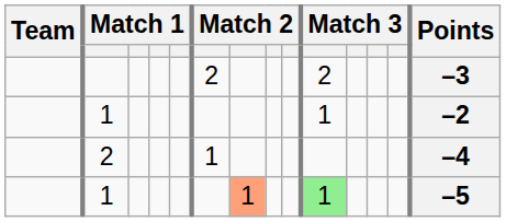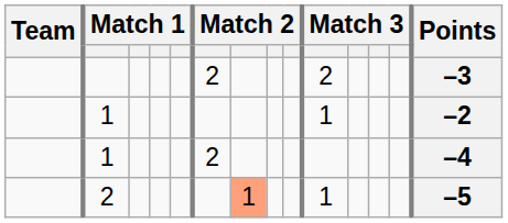 <table class="wikitable sortable" style="text-align:center;">
 <tr>
 <th rowspan=2>Team</th>
 <th colspan=4 style="border-left:3px solid gray">Match 1</th>
 <th colspan=4 style="border-left:3px solid gray">Match 2</th>
 <th colspan=4 style="border-left:3px solid gray">Match 3</th>
 <th rowspan=2 style="border-left:3px solid gray">Points</th>
 </tr>
 <tr>
 <th style="border-left:3px solid gray"></th>
 <th></th>
 <th></th>
 <th></th>
 <th style="border-left:3px solid gray"></th>
 <th></th>
 <th></th>
 <th></th>
 <th style="border-left:3px solid gray"></th>
 <th></th>
 <th></th>
 <th></th>
 </tr>
 <tr>
 <td align=left></td>
 <td style="border-left:3px solid gray"></td>
 <td></td>
 <td></td>
 <td></td>
 <td style="border-left:3px solid gray">2</td>
 <td></td>
 <td></td>
 <td></td>
 <td style="border-left:3px solid gray">2</td>
 <td></td>
 <td></td>
 <td></td>
 <th style="border-left:3px solid gray">–3</th>
 </tr>
 <tr>
 <td align=left></td>
 <td style="border-left:3px solid gray">1</td>
 <td></td>
 <td></td>
 <td></td>
 <td style="border-left:3px solid gray"></td>
 <td></td>
 <td></td>
 <td></td>
 <td style="border-left:3px solid gray">1</td>
 <td></td>
 <td></td>
 <td></td>
 <th style="border-left:3px solid gray">–2</th>
 </tr>
 <tr>
 <td align=left></td>
-<td style="border-left:3px solid gray">2</td>
+<td style="border-left:3px solid gray">1</td>
 <td></td>
 <td></td>
 <td></td>
-<td style="border-left:3px solid gray">1</td>
+<td style="border-left:3px solid gray">2</td>
 <td></td>
 <td></td>
 <td></td>
 <td style="border-left:3px solid gray"></td>
 <td></td>
 <td></td>
 <td></td>
 <th style="border-left:3px solid gray">–4</th>
 </tr>
 <tr>
 <td align=left></td>
-<td style="border-left:3px solid gray">1</td>
+<td style="border-left:3px solid gray">2</td>
 <td></td>
 <td></td>
 <td></td>
 <td style="border-left:3px solid gray"></td>
 <td style="background: lightsalmon;">1</td>
 <td></td>
 <td></td>
-<td style="background: lightgreen; border-left:3px solid gray">1</td>
+<td style="border-left:3px solid gray">1</td>
 <td></td>
 <td></td>
 <td></td>
 <th style="border-left:3px solid gray">–5</th>
 </tr>
 </table>
